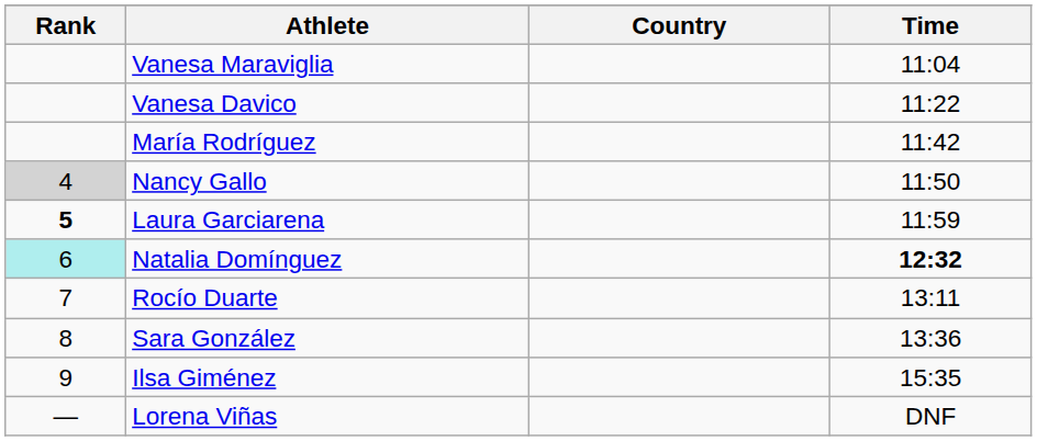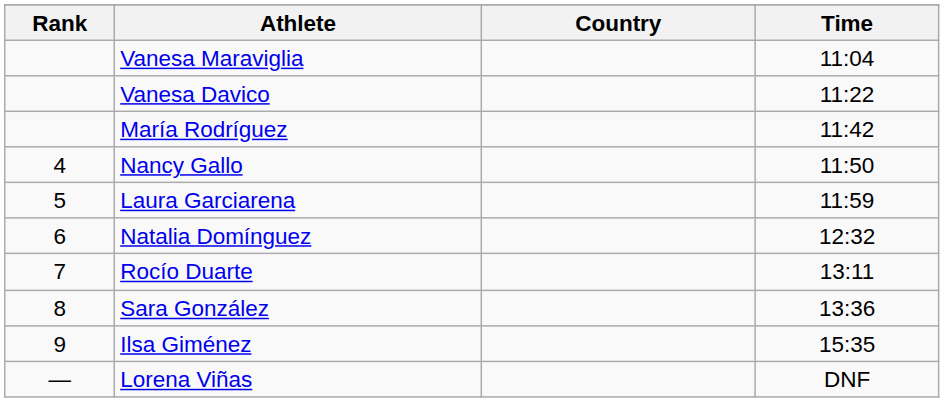 <table class="wikitable sortable" style=" text-align:center; font-size:95%;" width="50%">
 <tr>
 </tr>
 <tr>
 <th width=5%>Rank</th>
 <th width=20%>Athlete</th>
 <th width=15%>Country</th>
 <th width=10%>Time</th>
 </tr>
 <tr>
 <td align=center></td>
 <td align=left><a href='#'>Vanesa Maraviglia</a></td>
 <td align=left></td>
 <td>11:04</td>
 </tr>
 <tr>
 <td align=center></td>
 <td align=left><a href='#'>Vanesa Davico</a></td>
 <td align=left></td>
 <td>11:22</td>
 </tr>
 <tr>
 <td align=center></td>
 <td align=left><a href='#'>María Rodríguez</a></td>
 <td align=left></td>
 <td>11:42</td>
 </tr>
 <tr>
-<td align=center style="background: lightgrey;">4</td>
+<td align=center>4</td>
 <td align=left><a href='#'>Nancy Gallo</a></td>
 <td align=left></td>
 <td>11:50</td>
 </tr>
 <tr>
-<td align=center><strong>5</strong></td>
+<td align=center>5</td>
 <td align=left><a href='#'>Laura Garciarena</a></td>
 <td align=left></td>
 <td>11:59</td>
 </tr>
 <tr>
-<td align=center style="background: paleturquoise;">6</td>
+<td align=center>6</td>
 <td align=left><a href='#'>Natalia Domínguez</a></td>
 <td align=left></td>
-<td><strong>12:32</strong></td>
+<td>12:32</td>
 </tr>
 <tr>
 <td align=center>7</td>
 <td align=left><a href='#'>Rocío Duarte</a></td>
 <td align=left></td>
 <td>13:11</td>
 </tr>
 <tr>
 <td align=center>8</td>
 <td align=left><a href='#'>Sara González</a></td>
 <td align=left></td>
 <td>13:36</td>
 </tr>
 <tr>
 <td align=center>9</td>
 <td align=left><a href='#'>Ilsa Giménez</a></td>
 <td align=left></td>
 <td>15:35</td>
 </tr>
 <tr>
 <td align=center>—</td>
 <td align=left><a href='#'>Lorena Viñas</a></td>
 <td align=left></td>
 <td>DNF</td>
 </tr>
 </table>
